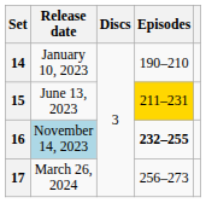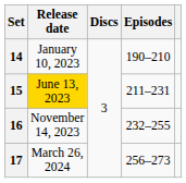 <table class="wikitable" style="text-align: center; width: 20%;">
 <tr>
 <th scope="col" 175px;>Set</th>
 <th scope="col" 125px;>Release date</th>
 <th scope="col">Discs</th>
 <th scope="col">Episodes</th>
 <th scope="col"></th>
 </tr>
 <tr>
 <th scope="row">14</th>
 <td>January 10, 2023</td>
 <td rowspan="4">3</td>
 <td>190–210</td>
 <td></td>
 </tr>
 <tr>
 <th scope="row">15</th>
-<td>June 13, 2023</td>
-<td style="background: gold;">211–231</td>
+<td style="background: gold;">June 13, 2023</td>
+<td>211–231</td>
 <td></td>
 </tr>
 <tr>
 <th scope="row">16</th>
-<td style="background: lightblue;">November 14, 2023</td>
-<td><strong>232–255</strong></td>
+<td>November 14, 2023</td>
+<td>232–255</td>
 <td></td>
 </tr>
 <tr>
 <th scope="row">17</th>
 <td>March 26, 2024</td>
 <td>256–273</td>
 <td></td>
 </tr>
 </table>
